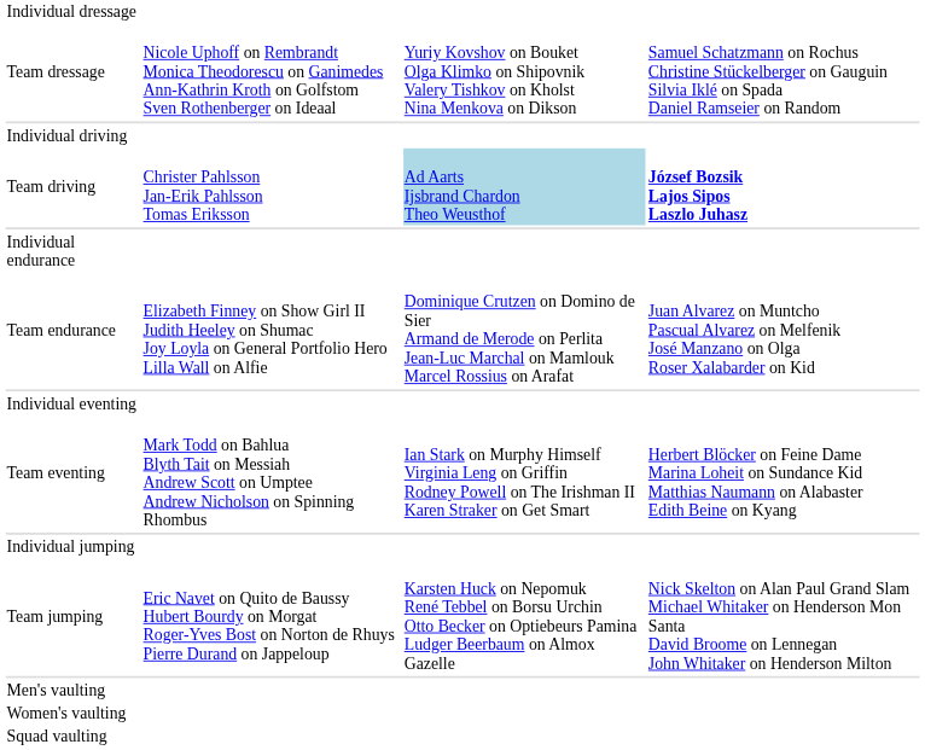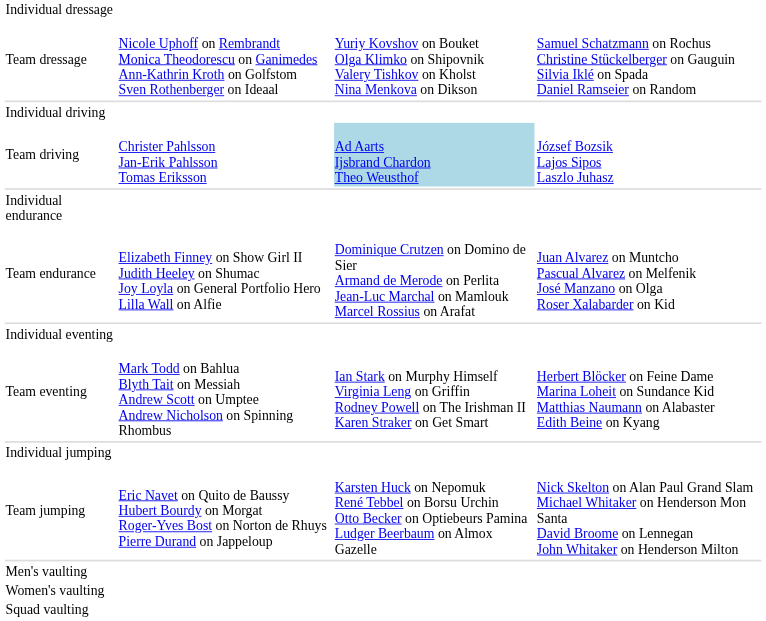 <table>
 <tr>
 <td>Individual dressage<br></td>
 <td></td>
 <td></td>
 <td></td>
 </tr>
 <tr>
 <td>Team dressage<br></td>
 <td><br><a href='#'>Nicole Uphoff</a> on <a href='#'>Rembrandt</a><br><a href='#'>Monica Theodorescu</a> on <a href='#'>Ganimedes</a><br><a href='#'>Ann-Kathrin Kroth</a> on Golfstom<br><a href='#'>Sven Rothenberger</a> on Ideaal</td>
 <td><br><a href='#'>Yuriy Kovshov</a> on Bouket<br><a href='#'>Olga Klimko</a> on Shipovnik<br><a href='#'>Valery Tishkov</a> on Kholst<br><a href='#'>Nina Menkova</a> on Dikson</td>
 <td><br><a href='#'>Samuel Schatzmann</a> on Rochus<br><a href='#'>Christine Stückelberger</a> on Gauguin<br><a href='#'>Silvia Iklé</a> on Spada<br><a href='#'>Daniel Ramseier</a> on Random</td>
 </tr>
 <tr bgcolor=#DDDDDD>
 <td colspan=7></td>
 </tr>
 <tr>
 <td>Individual driving<br></td>
 <td></td>
 <td></td>
 <td></td>
 </tr>
 <tr>
 <td>Team driving<br></td>
 <td><br><a href='#'>Christer Pahlsson</a><br><a href='#'>Jan-Erik Pahlsson</a><br><a href='#'>Tomas Eriksson</a></td>
 <td style="background: lightblue;"><br><a href='#'>Ad Aarts</a><br><a href='#'>Ijsbrand Chardon</a><br><a href='#'>Theo Weusthof</a></td>
-<td><strong><br><a href='#'>József Bozsik</a><br><a href='#'>Lajos Sipos</a><br><a href='#'>Laszlo Juhasz</a></strong></td>
+<td><br><a href='#'>József Bozsik</a><br><a href='#'>Lajos Sipos</a><br><a href='#'>Laszlo Juhasz</a></td>
 </tr>
 <tr bgcolor=#DDDDDD>
 <td colspan=7></td>
 </tr>
 <tr>
 <td>Individual endurance<br></td>
 <td></td>
 <td></td>
 <td></td>
 </tr>
 <tr>
 <td>Team endurance<br></td>
 <td><br><a href='#'>Elizabeth Finney</a> on Show Girl II<br><a href='#'>Judith Heeley</a> on Shumac<br><a href='#'>Joy Loyla</a> on General Portfolio Hero<br><a href='#'>Lilla Wall</a> on Alfie</td>
 <td><br><a href='#'>Dominique Crutzen</a> on Domino de Sier<br><a href='#'>Armand de Merode</a> on Perlita<br><a href='#'>Jean-Luc Marchal</a> on Mamlouk<br><a href='#'>Marcel Rossius</a> on Arafat</td>
 <td><br><a href='#'>Juan Alvarez</a> on Muntcho<br><a href='#'>Pascual Alvarez</a> on Melfenik<br><a href='#'>José Manzano</a> on Olga<br><a href='#'>Roser Xalabarder</a> on Kid</td>
 </tr>
 <tr bgcolor=#DDDDDD>
 <td colspan=7></td>
 </tr>
 <tr>
 <td>Individual eventing<br></td>
 <td></td>
 <td></td>
 <td></td>
 </tr>
 <tr>
 <td>Team eventing<br></td>
 <td><br><a href='#'>Mark Todd</a> on Bahlua<br><a href='#'>Blyth Tait</a> on Messiah<br><a href='#'>Andrew Scott</a> on Umptee<br><a href='#'>Andrew Nicholson</a> on Spinning Rhombus</td>
 <td><br><a href='#'>Ian Stark</a> on Murphy Himself<br><a href='#'>Virginia Leng</a> on Griffin<br><a href='#'>Rodney Powell</a> on The Irishman II<br><a href='#'>Karen Straker</a> on Get Smart</td>
 <td><br><a href='#'>Herbert Blöcker</a> on Feine Dame<br><a href='#'>Marina Loheit</a> on Sundance Kid<br><a href='#'>Matthias Naumann</a> on Alabaster<br><a href='#'>Edith Beine</a> on Kyang</td>
 </tr>
 <tr bgcolor=#DDDDDD>
 <td colspan=7></td>
 </tr>
 <tr>
 <td>Individual jumping<br></td>
 <td></td>
 <td></td>
 <td></td>
 </tr>
 <tr>
 <td>Team jumping<br></td>
 <td><br><a href='#'>Eric Navet</a> on Quito de Baussy<br><a href='#'>Hubert Bourdy</a> on Morgat<br><a href='#'>Roger-Yves Bost</a> on Norton de Rhuys<br><a href='#'>Pierre Durand</a> on Jappeloup</td>
 <td><br><a href='#'>Karsten Huck</a> on Nepomuk<br><a href='#'>René Tebbel</a> on Borsu Urchin<br><a href='#'>Otto Becker</a> on Optiebeurs Pamina<br><a href='#'>Ludger Beerbaum</a> on Almox Gazelle</td>
 <td><br><a href='#'>Nick Skelton</a> on Alan Paul Grand Slam<br><a href='#'>Michael Whitaker</a> on Henderson Mon Santa<br><a href='#'>David Broome</a> on Lennegan<br><a href='#'>John Whitaker</a> on Henderson Milton</td>
 </tr>
 <tr bgcolor=#DDDDDD>
 <td colspan=7></td>
 </tr>
 <tr>
 <td>Men's vaulting<br></td>
 <td></td>
 <td></td>
 <td></td>
 </tr>
 <tr>
 <td>Women's vaulting<br></td>
 <td></td>
 <td></td>
 <td></td>
 </tr>
 <tr>
 <td>Squad vaulting<br></td>
 <td></td>
 <td></td>
 <td></td>
 </tr>
 </table>
